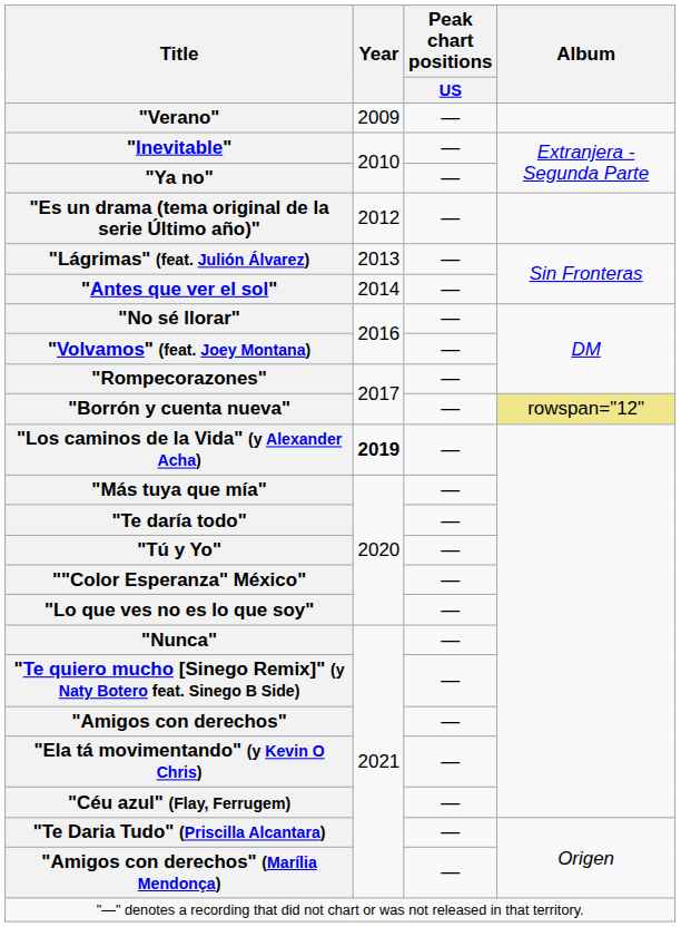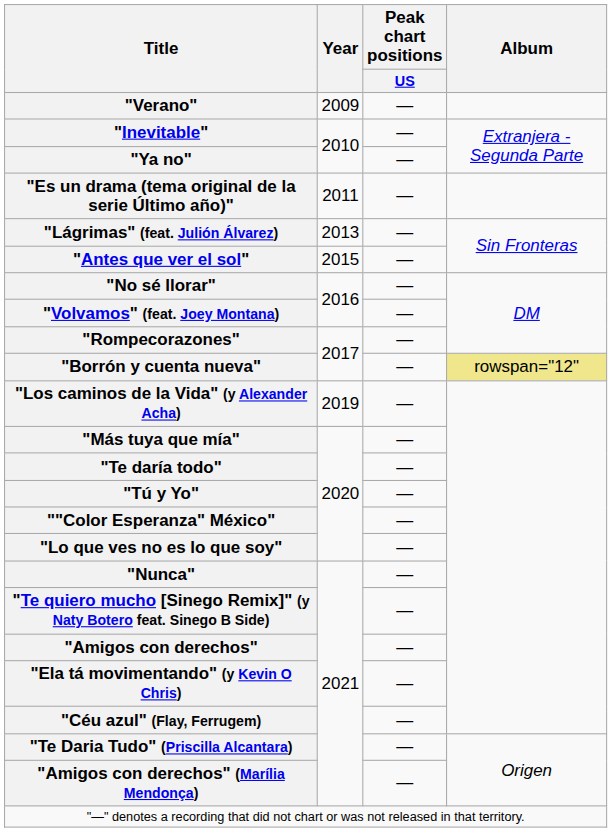 <table class="wikitable plainrowheaders" style="text-align:center;">
 <tr>
 <th scope="col" rowspan="2" style="width:18em;">Title</th>
 <th scope="col" rowspan="2" style="width:1em;">Year</th>
 <th scope="col" colspan="1">Peak chart positions</th>
 <th scope="col" rowspan="2" style="width:9em;">Album</th>
 </tr>
 <tr>
 <th style="width:2.5em; font-size:85%"><a href='#'>US</a></th>
 </tr>
 <tr>
 <th scope="row">"Verano"</th>
 <td>2009</td>
 <td>—</td>
 <td></td>
 </tr>
 <tr>
 <th scope="row">"<a href='#'>Inevitable</a>"</th>
 <td rowspan="2">2010</td>
 <td>—</td>
 <td rowspan="2"><em><a href='#'>Extranjera - Segunda Parte</a></em></td>
 </tr>
 <tr>
 <th scope="row">"Ya no"</th>
 <td>—</td>
 </tr>
 <tr>
 <th scope="row">"Es un drama (tema original de la serie Último año)"</th>
-<td>2012</td>
+<td>2011</td>
 <td>—</td>
 <td></td>
 </tr>
 <tr>
 <th scope="row">"Lágrimas" <small>(feat. <a href='#'>Julión Álvarez</a>)</small></th>
 <td>2013</td>
 <td>—</td>
 <td rowspan="2"><em><a href='#'>Sin Fronteras</a></em></td>
 </tr>
 <tr>
 <th scope="row">"<a href='#'>Antes que ver el sol</a>"</th>
-<td>2014</td>
+<td>2015</td>
 <td>—</td>
 </tr>
 <tr>
 <th scope="row">"No sé llorar"</th>
 <td rowspan="2">2016</td>
 <td>—</td>
 <td rowspan="3"><em><a href='#'>DM</a></em></td>
 </tr>
 <tr>
 <th scope="row">"<a href='#'>Volvamos</a>" <small>(feat. <a href='#'>Joey Montana</a>)</small></th>
 <td>—</td>
 </tr>
 <tr>
 <th scope="row">"Rompecorazones"</th>
 <td rowspan="2">2017</td>
 <td>—</td>
 </tr>
 <tr>
 <th scope="row">"Borrón y cuenta nueva"</th>
 <td>—</td>
 <td style="background: khaki;">rowspan="12" </td>
 </tr>
 <tr>
 <th scope="row">"Los caminos de la Vida" <small>(y <a href='#'>Alexander Acha</a>)</small></th>
-<td><strong>2019</strong></td>
+<td>2019</td>
 <td>—</td>
 </tr>
 <tr>
 <th scope="row">"Más tuya que mía"</th>
 <td rowspan="5">2020</td>
 <td>—</td>
 </tr>
 <tr>
 <th scope="row">"Te daría todo"</th>
 <td>—</td>
 </tr>
 <tr>
 <th scope="row">"Tú y Yo"</th>
 <td>—</td>
 </tr>
 <tr>
 <th scope="row">""Color Esperanza" México"</th>
 <td>—</td>
 </tr>
 <tr>
 <th scope="row">"Lo que ves no es lo que soy"</th>
 <td>—</td>
 </tr>
 <tr>
 <th scope="row">"Nunca"</th>
 <td rowspan="7">2021</td>
 <td>—</td>
 </tr>
 <tr>
 <th scope="row">"<a href='#'>Te quiero mucho</a> [Sinego Remix]" <small>(y <a href='#'>Naty Botero</a> feat. Sinego B Side)</small></th>
 <td>—</td>
 </tr>
 <tr>
 <th scope="row">"Amigos con derechos"</th>
 <td>—</td>
 </tr>
 <tr>
 <th scope="row">"Ela tá movimentando" <small>(y <a href='#'>Kevin O Chris</a>)</small></th>
 <td>—</td>
 </tr>
 <tr>
 <th scope="row">"Céu azul" <small>(Flay, Ferrugem)</small></th>
 <td>—</td>
 </tr>
 <tr>
 <th scope="row">"Te Daria Tudo" <small>(<a href='#'>Priscilla Alcantara</a>)</small></th>
 <td>—</td>
 <td rowspan="2"><em>Origen</em></td>
 </tr>
 <tr>
 <th scope="row">"Amigos con derechos" <small>(<a href='#'>Marília Mendonça</a>)</small></th>
 <td>—</td>
 </tr>
 <tr>
 <td colspan="5" style="font-size:9pt">"—" denotes a recording that did not chart or was not released in that territory.</td>
 </tr>
 </table>
